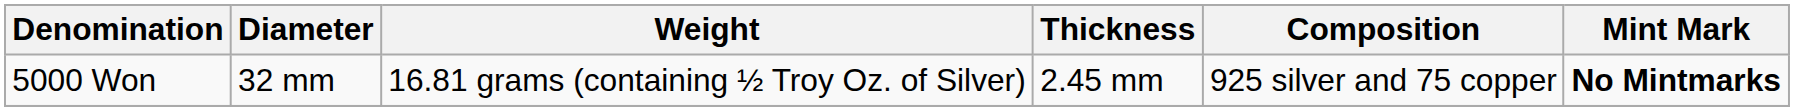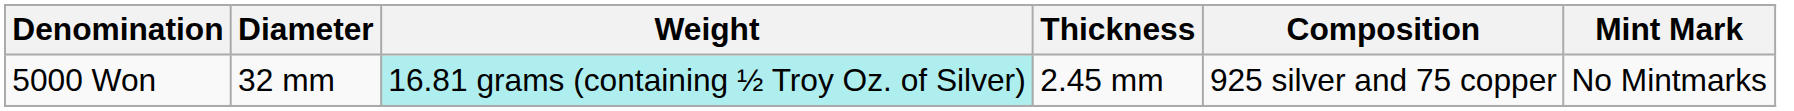 <table class="wikitable sortable">
 <tr>
 <th>Denomination</th>
 <th>Diameter</th>
 <th>Weight</th>
 <th>Thickness</th>
 <th>Composition</th>
 <th>Mint Mark</th>
 </tr>
 <tr>
 <td>5000 Won</td>
 <td>32 mm</td>
-<td>16.81 grams (containing ½ Troy Oz. of Silver)</td>
+<td style="background: paleturquoise;">16.81 grams (containing ½ Troy Oz. of Silver)</td>
 <td>2.45 mm</td>
 <td>925 silver and 75 copper</td>
-<td><strong>No Mintmarks</strong></td>
+<td>No Mintmarks</td>
 </tr>
 <tr>
 </tr>
 </table>
